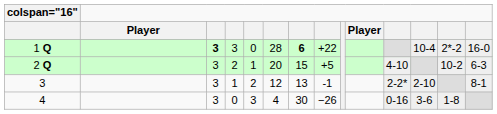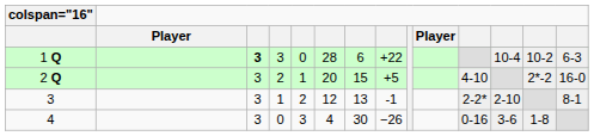 <table class=wikitable style=text-align:center>
 <tr>
 <th>colspan="16" </th>
 </tr>
 <tr>
 <th width=20 abbr=Position></th>
 <th width=175>Player</th>
 <th width=20 abbr=Played></th>
 <th width=20 abbr=Won></th>
 <th width=20 abbr=Lost></th>
 <th width=30 abbr=Points for></th>
 <th width=30 abbr=Points against></th>
 <th width=30 abbr=Points difference></th>
 <th rowspan="5" abbr=H2H></th>
 <th>Player</th>
 <th></th>
 <th></th>
 <th></th>
 <th></th>
 </tr>
 <tr bgcolor=#CCFFCC>
 <td>1 <strong>Q</strong></td>
 <td align=left></td>
 <td><strong>3</strong></td>
 <td>3</td>
 <td>0</td>
 <td>28</td>
-<td><strong>6</strong></td>
+<td>6</td>
 <td>+22</td>
 <td></td>
 <td bgcolor="#dddddd"> </td>
 <td bgcolor="#efefef">10-4</td>
-<td bgcolor="#efefef">2*-2</td>
-<td bgcolor="#efefef">16-0</td>
+<td bgcolor="#efefef">10-2</td>
+<td bgcolor="#efefef">6-3</td>
 </tr>
 <tr bgcolor=#CCFFCC>
 <td>2 <strong>Q</strong></td>
 <td align=left></td>
 <td>3</td>
 <td>2</td>
 <td>1</td>
 <td>20</td>
 <td>15</td>
 <td>+5</td>
 <td></td>
 <td bgcolor="#efefef">4-10</td>
 <td bgcolor="#dddddd"> </td>
-<td bgcolor="#efefef">10-2</td>
-<td bgcolor="#efefef">6-3</td>
+<td bgcolor="#efefef">2*-2</td>
+<td bgcolor="#efefef">16-0</td>
 </tr>
 <tr>
 <td>3 </td>
 <td align=left></td>
 <td>3</td>
 <td>1</td>
 <td>2</td>
 <td>12</td>
 <td>13</td>
 <td>-1</td>
 <td></td>
 <td bgcolor="#efefef">2-2*</td>
 <td bgcolor="#efefef">2-10</td>
 <td bgcolor="#dddddd"> </td>
 <td bgcolor="#efefef">8-1</td>
 </tr>
 <tr>
 <td>4 </td>
 <td align=left></td>
 <td>3</td>
 <td>0</td>
 <td>3</td>
 <td>4</td>
 <td>30</td>
 <td>−26</td>
 <td></td>
 <td bgcolor="#efefef">0-16</td>
 <td bgcolor="#efefef">3-6</td>
 <td bgcolor="#efefef">1-8</td>
 <td bgcolor="#dddddd"> </td>
 </tr>
 </table>
